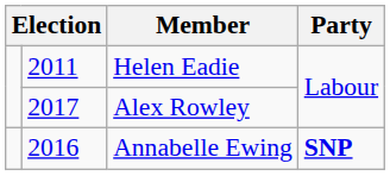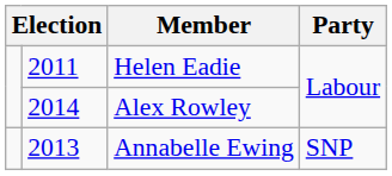 <table class="wikitable">
 <tr>
 <th colspan="2">Election</th>
 <th>Member</th>
 <th>Party</th>
 </tr>
 <tr>
 <td rowspan=2 style="background-color: "></td>
 <td><a href='#'>2011</a></td>
 <td><a href='#'>Helen Eadie</a></td>
 <td rowspan=2><a href='#'>Labour</a></td>
 </tr>
 <tr>
-<td><a href='#'>2017</a></td>
+<td><a href='#'>2014</a></td>
 <td><a href='#'>Alex Rowley</a></td>
 </tr>
 <tr>
 <td style="background-color: "></td>
-<td><a href='#'>2016</a></td>
+<td><a href='#'>2013</a></td>
 <td><a href='#'>Annabelle Ewing</a></td>
-<td><strong><a href='#'>SNP</a></strong></td>
+<td><a href='#'>SNP</a></td>
 </tr>
 </table>
